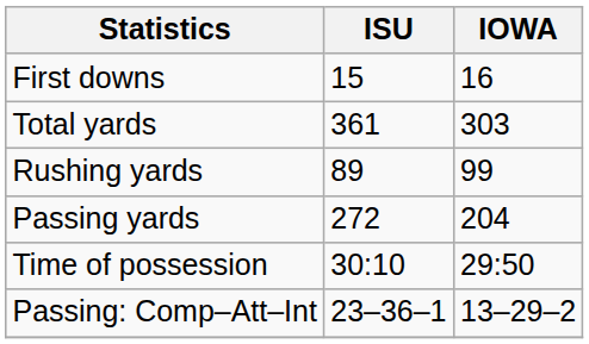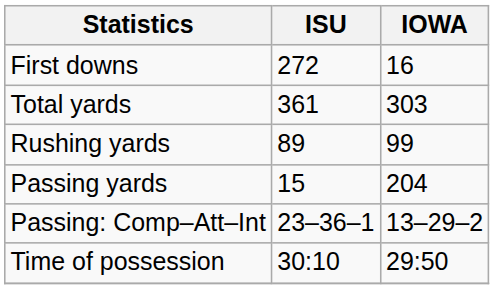 <table class="wikitable" style="float: left;">
 <tr>
 <th>Statistics</th>
 <th>ISU</th>
 <th>IOWA</th>
 </tr>
 <tr>
 <td>First downs</td>
-<td>15</td>
+<td>272</td>
 <td>16</td>
 </tr>
 <tr>
 <td>Total yards</td>
 <td>361</td>
 <td>303</td>
 </tr>
 <tr>
 <td>Rushing yards</td>
 <td>89</td>
 <td>99</td>
 </tr>
 <tr>
 <td>Passing yards</td>
-<td>272</td>
+<td>15</td>
 <td>204</td>
+</tr>
+<tr>
+<td>Passing: Comp–Att–Int</td>
+<td>23–36–1</td>
+<td>13–29–2</td>
 </tr>
 <tr>
 <td>Time of possession</td>
 <td>30:10</td>
 <td>29:50</td>
 </tr>
 <tr>
-<td>Passing: Comp–Att–Int</td>
-<td>23–36–1</td>
-<td>13–29–2</td>
-</tr>
-<tr>
 </tr>
 </table>
